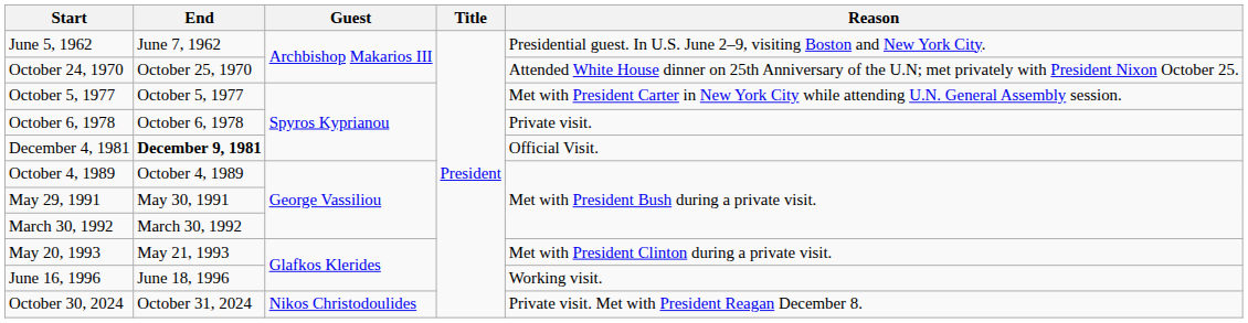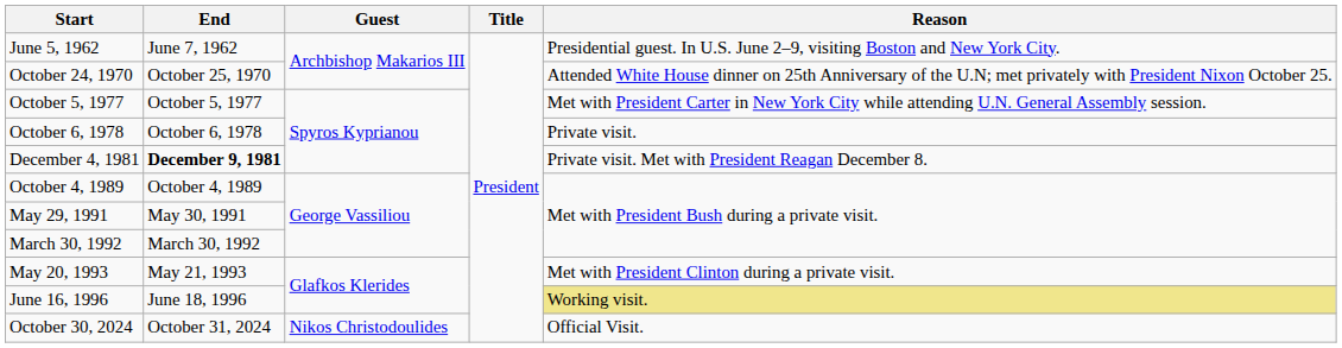 <table class="wikitable sortable">
 <tr>
 <th>Start</th>
 <th>End</th>
 <th>Guest</th>
 <th>Title</th>
 <th>Reason</th>
 </tr>
 <tr>
 <td>June 5, 1962</td>
 <td>June 7, 1962</td>
 <td rowspan=2><a href='#'>Archbishop</a> <a href='#'>Makarios III</a></td>
 <td rowspan=11><a href='#'>President</a></td>
 <td>Presidential guest. In U.S. June 2–9, visiting <a href='#'>Boston</a> and <a href='#'>New York City</a>.</td>
 </tr>
 <tr>
 <td>October 24, 1970</td>
 <td>October 25, 1970</td>
 <td>Attended <a href='#'>White House</a> dinner on 25th Anniversary of the U.N; met privately with <a href='#'>President Nixon</a> October 25.</td>
 </tr>
 <tr>
 <td>October 5, 1977</td>
 <td>October 5, 1977</td>
 <td rowspan=3><a href='#'>Spyros Kyprianou</a></td>
 <td>Met with <a href='#'>President Carter</a> in <a href='#'>New York City</a> while attending <a href='#'>U.N. General Assembly</a> session.</td>
 </tr>
 <tr>
 <td>October 6, 1978</td>
 <td>October 6, 1978</td>
 <td>Private visit.</td>
 </tr>
 <tr>
 <td>December 4, 1981</td>
 <td><strong>December 9, 1981</strong></td>
-<td>Official Visit.</td>
+<td>Private visit. Met with <a href='#'>President Reagan</a> December 8.</td>
 </tr>
 <tr>
 <td>October 4, 1989</td>
 <td>October 4, 1989</td>
 <td rowspan=3><a href='#'>George Vassiliou</a></td>
 <td rowspan=3>Met with <a href='#'>President Bush</a> during a private visit.</td>
 </tr>
 <tr>
 <td>May 29, 1991</td>
 <td>May 30, 1991</td>
 </tr>
 <tr>
 <td>March 30, 1992</td>
 <td>March 30, 1992</td>
 </tr>
 <tr>
 <td>May 20, 1993</td>
 <td>May 21, 1993</td>
 <td rowspan=2><a href='#'>Glafkos Klerides</a></td>
 <td>Met with <a href='#'>President Clinton</a> during a private visit.</td>
 </tr>
 <tr>
 <td>June 16, 1996</td>
 <td>June 18, 1996</td>
-<td>Working visit.</td>
+<td style="background: khaki;">Working visit.</td>
 </tr>
 <tr>
 <td>October 30, 2024</td>
 <td>October 31, 2024</td>
 <td><a href='#'>Nikos Christodoulides</a></td>
-<td>Private visit. Met with <a href='#'>President Reagan</a> December 8.</td>
+<td>Official Visit.</td>
 </tr>
 </table>
